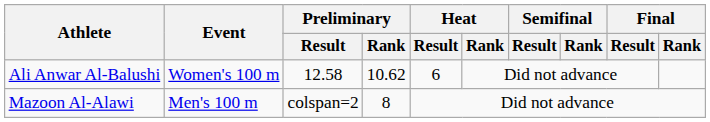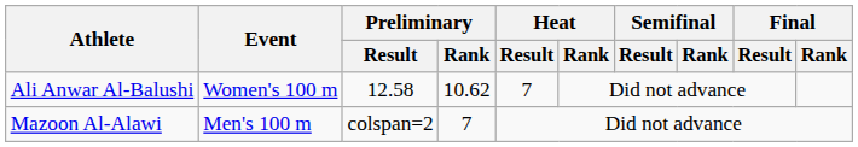 <table class="wikitable" style="font-size:90%">
 <tr>
 <th rowspan="2">Athlete</th>
 <th rowspan="2">Event</th>
 <th colspan="2">Preliminary</th>
 <th colspan="2">Heat</th>
 <th colspan="2">Semifinal</th>
 <th colspan="2">Final</th>
 </tr>
 <tr style="font-size:95%">
 <th>Result</th>
 <th>Rank</th>
 <th>Result</th>
 <th>Rank</th>
 <th>Result</th>
 <th>Rank</th>
 <th>Result</th>
 <th>Rank</th>
 </tr>
 <tr align=center>
 <td align=left><a href='#'>Ali Anwar Al-Balushi</a></td>
 <td align=left><a href='#'>Women's 100 m</a></td>
 <td>12.58</td>
 <td>10.62</td>
-<td>6</td>
+<td>7</td>
 <td colspan=4>Did not advance</td>
 </tr>
 <tr align=center>
 <td align=left><a href='#'>Mazoon Al-Alawi</a></td>
 <td align=left><a href='#'>Men's 100 m</a></td>
 <td>colspan=2 </td>
-<td>8</td>
+<td>7</td>
 <td colspan=6>Did not advance</td>
 </tr>
 </table>
